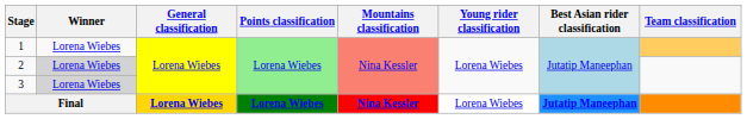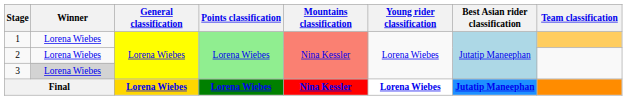 <table class="wikitable" style="text-align: center; font-size:smaller;">
 <tr style="background:#efefef;">
 <th scope="col" style="width:2%;">Stage</th>
 <th scope="col" style="width:14%;">Winner</th>
 <th scope="col" style="width:14%;"><a href='#'>General classification</a><br></th>
 <th scope="col" style="width:14%;"><a href='#'>Points classification</a><br></th>
 <th scope="col" style="width:14%;"><a href='#'>Mountains classification</a><br></th>
 <th scope="col" style="width:14%;"><a href='#'>Young rider classification</a><br></th>
 <th scope="col" style="width:14%;">Best Asian rider classification<br></th>
 <th scope="col" style="width:14%;"><a href='#'>Team classification</a></th>
 </tr>
 <tr>
 <td scope="row">1</td>
 <td><a href='#'>Lorena Wiebes</a></td>
 <td style="background:yellow;" rowspan=3><a href='#'>Lorena Wiebes</a></td>
 <td style="background:lightgreen" rowspan=3><a href='#'>Lorena Wiebes</a></td>
 <td style="background:salmon" rowspan=3><a href='#'>Nina Kessler</a></td>
 <td style="background:offwhite" rowspan=3><a href='#'>Lorena Wiebes</a></td>
 <td style="background:lightblue" rowspan=3><a href='#'>Jutatip Maneephan</a></td>
 <td style="background:#FFCD5F;"></td>
 </tr>
 <tr>
 <td scope="row">2</td>
-<td style="background: lightgrey;"><a href='#'>Lorena Wiebes</a></td>
+<td><a href='#'>Lorena Wiebes</a></td>
 </tr>
 <tr>
 <td scope="row">3</td>
 <td style="background: lightgrey;"><a href='#'>Lorena Wiebes</a></td>
 </tr>
 <tr>
 <th scope="row" colspan="2">Final</th>
 <th style="background:gold;"><a href='#'>Lorena Wiebes</a></th>
 <th style="background:green"><a href='#'>Lorena Wiebes</a></th>
 <th style="background:red;"><a href='#'>Nina Kessler</a></th>
-<td style="background:white"><a href='#'>Lorena Wiebes</a></td>
+<td style="background:white"><strong><a href='#'>Lorena Wiebes</a></strong></td>
 <th style="background:dodgerblue;"><a href='#'>Jutatip Maneephan</a></th>
 <th style="background:#FF8C00;"></th>
 </tr>
 </table>
